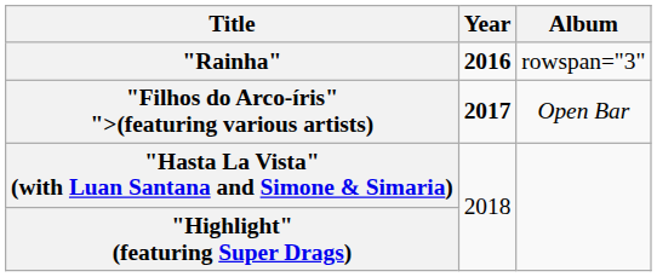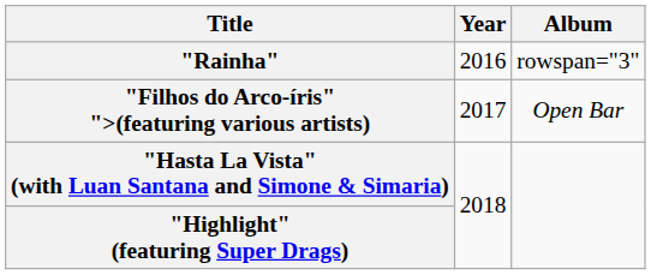 <table class="wikitable plainrowheaders" style="text-align:center;">
 <tr>
 <th>Title</th>
 <th>Year</th>
 <th>Album</th>
 </tr>
 <tr>
 <th scope="row">"Rainha"</th>
-<td><strong>2016</strong></td>
+<td>2016</td>
 <td>rowspan="3" </td>
 </tr>
 <tr>
 <th scope="row">"Filhos do Arco-íris"<br><span>">(featuring various artists)</span></th>
-<td><strong>2017</strong></td>
+<td>2017</td>
 <td align="center"><em>Open Bar</em></td>
 </tr>
 <tr>
 <th scope="row">"Hasta La Vista"<br><span>(with <a href='#'>Luan Santana</a> and <a href='#'>Simone & Simaria</a>)</span></th>
 <td rowspan="2">2018</td>
 </tr>
 <tr>
 <th scope="row">"Highlight"<br><span>(featuring <a href='#'>Super Drags</a>)</span></th>
 </tr>
 </table>
